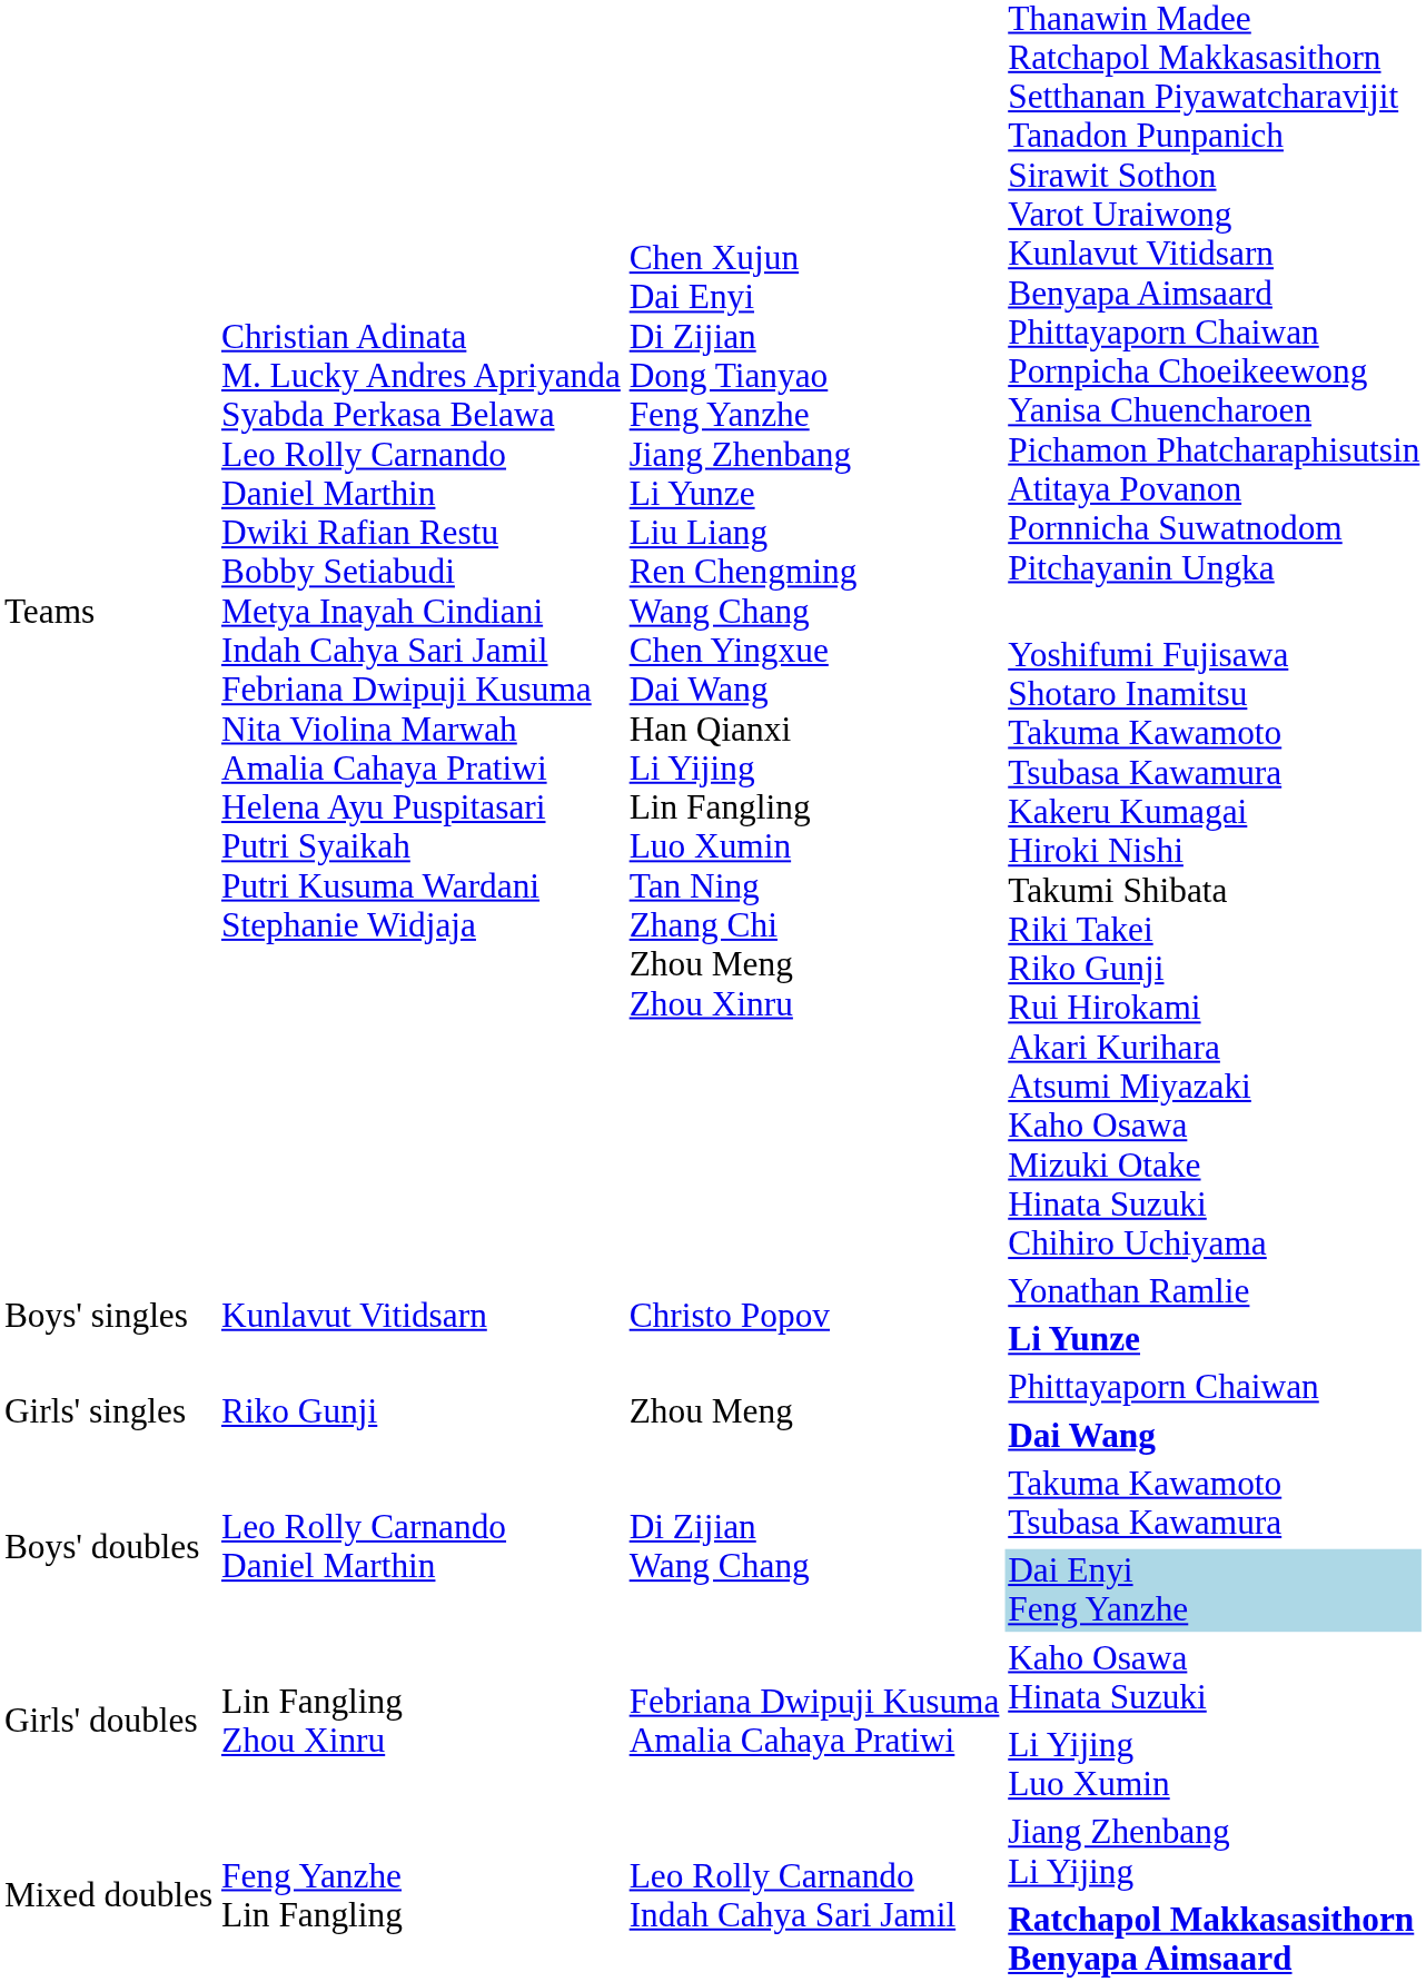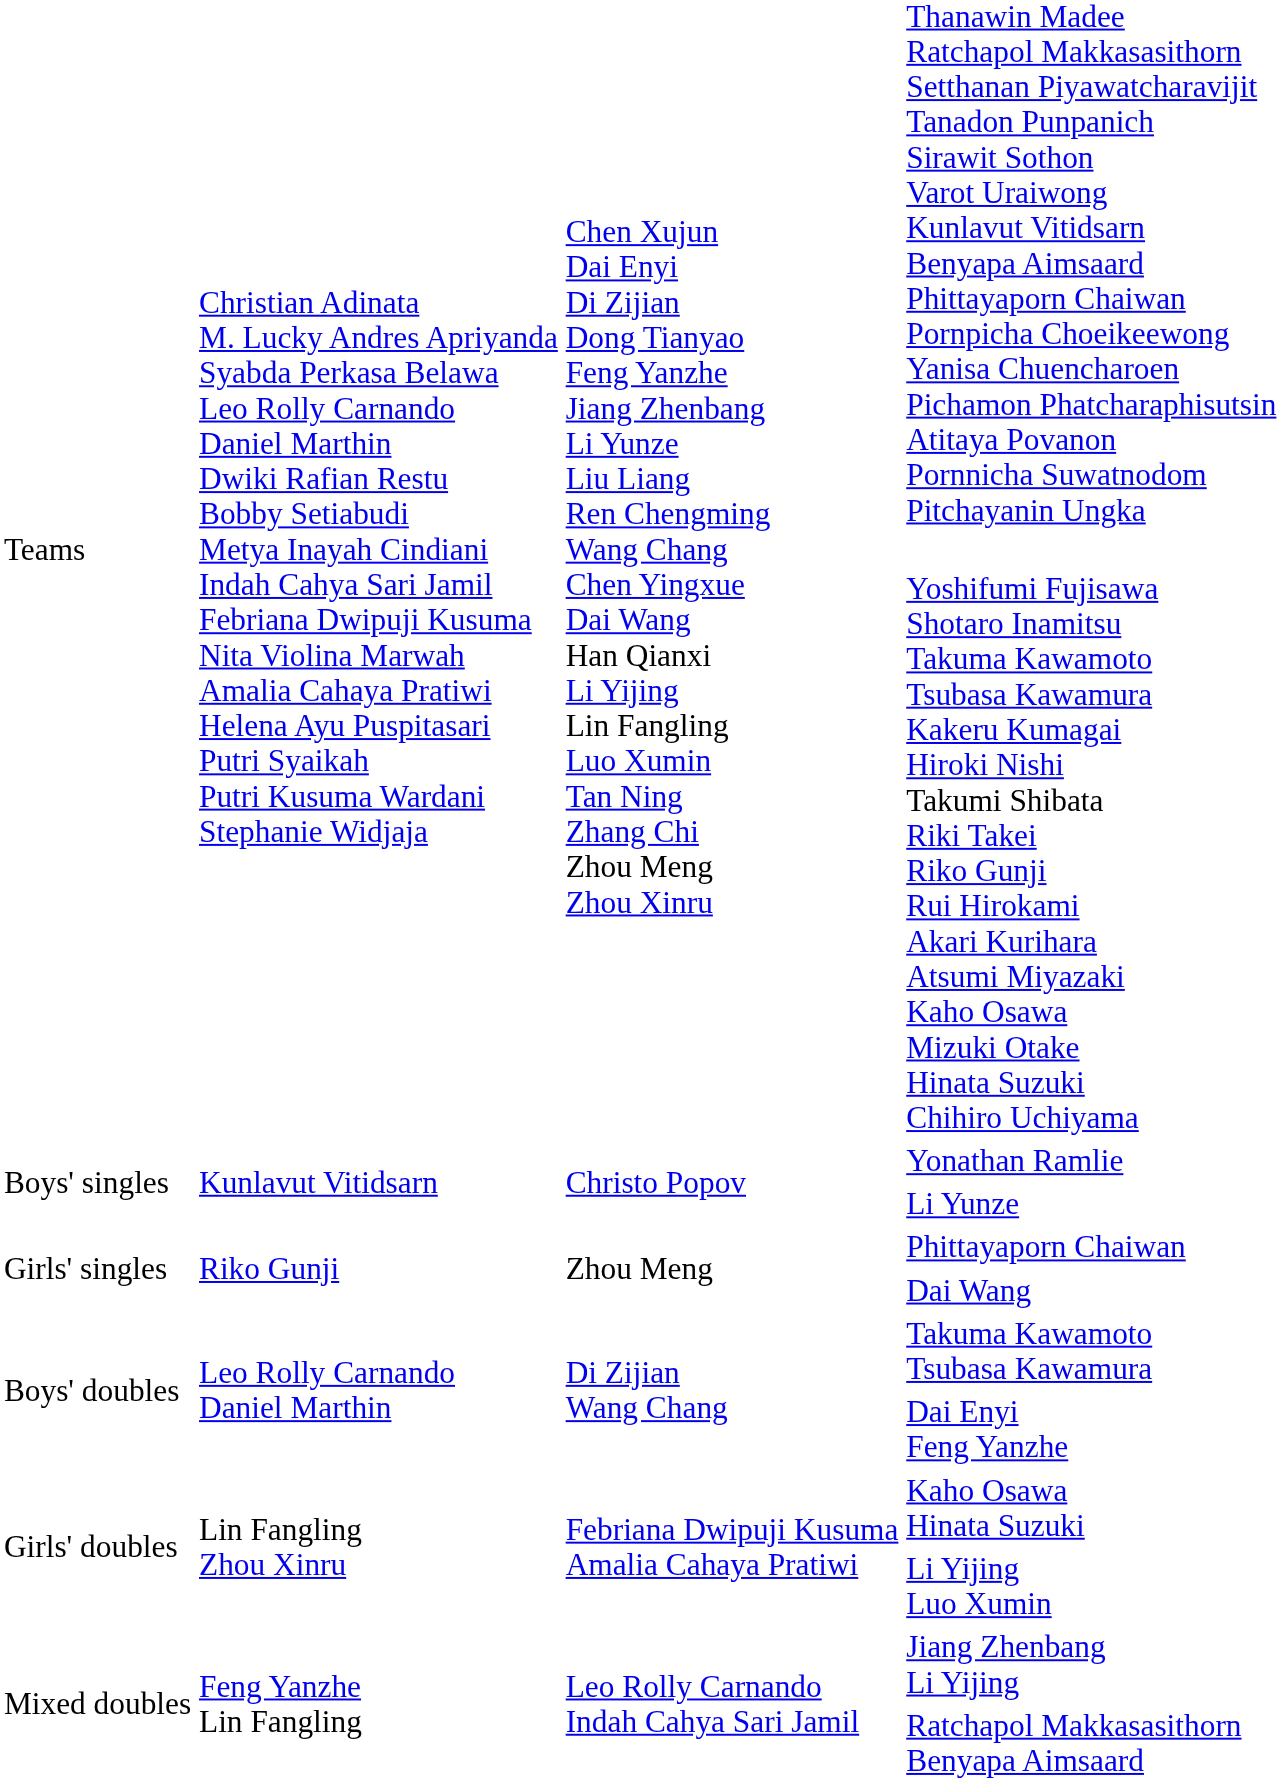 <table>
 <tr>
 <td rowspan=2>Teams<br></td>
 <td rowspan=2> <br><a href='#'>Christian Adinata</a><br><a href='#'>M. Lucky Andres Apriyanda</a><br><a href='#'>Syabda Perkasa Belawa</a><br><a href='#'>Leo Rolly Carnando</a><br><a href='#'>Daniel Marthin</a><br><a href='#'>Dwiki Rafian Restu</a><br><a href='#'>Bobby Setiabudi</a><br><a href='#'>Metya Inayah Cindiani</a><br><a href='#'>Indah Cahya Sari Jamil</a><br><a href='#'>Febriana Dwipuji Kusuma</a><br><a href='#'>Nita Violina Marwah</a><br><a href='#'>Amalia Cahaya Pratiwi</a><br><a href='#'>Helena Ayu Puspitasari</a><br><a href='#'>Putri Syaikah</a><br><a href='#'>Putri Kusuma Wardani</a><br><a href='#'>Stephanie Widjaja</a></td>
 <td rowspan=2> <br><a href='#'>Chen Xujun</a><br><a href='#'>Dai Enyi</a><br><a href='#'>Di Zijian</a><br><a href='#'>Dong Tianyao</a><br><a href='#'>Feng Yanzhe</a><br><a href='#'>Jiang Zhenbang</a><br><a href='#'>Li Yunze</a><br><a href='#'>Liu Liang</a><br><a href='#'>Ren Chengming</a><br><a href='#'>Wang Chang</a><br><a href='#'>Chen Yingxue</a><br><a href='#'>Dai Wang</a><br>Han Qianxi<br><a href='#'>Li Yijing</a><br>Lin Fangling<br><a href='#'>Luo Xumin</a><br><a href='#'>Tan Ning</a><br><a href='#'>Zhang Chi</a><br>Zhou Meng<br><a href='#'>Zhou Xinru</a></td>
 <td> <br><a href='#'>Thanawin Madee</a><br><a href='#'>Ratchapol Makkasasithorn</a><br><a href='#'>Setthanan Piyawatcharavijit</a><br><a href='#'>Tanadon Punpanich</a><br><a href='#'>Sirawit Sothon</a><br><a href='#'>Varot Uraiwong</a><br><a href='#'>Kunlavut Vitidsarn</a><br><a href='#'>Benyapa Aimsaard</a><br><a href='#'>Phittayaporn Chaiwan</a><br><a href='#'>Pornpicha Choeikeewong</a><br><a href='#'>Yanisa Chuencharoen</a><br><a href='#'>Pichamon Phatcharaphisutsin</a><br><a href='#'>Atitaya Povanon</a><br><a href='#'>Pornnicha Suwatnodom</a><br><a href='#'>Pitchayanin Ungka</a></td>
 </tr>
 <tr>
 <td> <br><a href='#'>Yoshifumi Fujisawa</a><br><a href='#'>Shotaro Inamitsu</a><br><a href='#'>Takuma Kawamoto</a><br><a href='#'>Tsubasa Kawamura</a><br><a href='#'>Kakeru Kumagai</a><br><a href='#'>Hiroki Nishi</a><br>Takumi Shibata<br><a href='#'>Riki Takei</a><br><a href='#'>Riko Gunji</a><br><a href='#'>Rui Hirokami</a><br><a href='#'>Akari Kurihara</a><br><a href='#'>Atsumi Miyazaki</a><br><a href='#'>Kaho Osawa</a><br><a href='#'>Mizuki Otake</a><br><a href='#'>Hinata Suzuki</a><br><a href='#'>Chihiro Uchiyama</a></td>
 </tr>
 <tr>
 <td rowspan=2>Boys' singles<br></td>
 <td rowspan=2> <a href='#'>Kunlavut Vitidsarn</a></td>
 <td rowspan=2> <a href='#'>Christo Popov</a></td>
 <td> <a href='#'>Yonathan Ramlie</a></td>
 </tr>
 <tr>
-<td><strong> <a href='#'>Li Yunze</a></strong></td>
+<td> <a href='#'>Li Yunze</a></td>
 </tr>
 <tr>
 <td rowspan=2>Girls' singles<br></td>
 <td rowspan=2> <a href='#'>Riko Gunji</a></td>
 <td rowspan=2> Zhou Meng</td>
 <td> <a href='#'>Phittayaporn Chaiwan</a></td>
 </tr>
 <tr>
-<td><strong> <a href='#'>Dai Wang</a></strong></td>
+<td> <a href='#'>Dai Wang</a></td>
 </tr>
 <tr>
 <td rowspan=2>Boys' doubles<br></td>
 <td rowspan=2> <a href='#'>Leo Rolly Carnando</a><br> <a href='#'>Daniel Marthin</a></td>
 <td rowspan=2> <a href='#'>Di Zijian</a><br> <a href='#'>Wang Chang</a></td>
 <td> <a href='#'>Takuma Kawamoto</a><br> <a href='#'>Tsubasa Kawamura</a></td>
 </tr>
 <tr>
-<td style="background: lightblue;"> <a href='#'>Dai Enyi</a><br> <a href='#'>Feng Yanzhe</a></td>
+<td> <a href='#'>Dai Enyi</a><br> <a href='#'>Feng Yanzhe</a></td>
 </tr>
 <tr>
 <td rowspan=2>Girls' doubles<br></td>
 <td rowspan=2> Lin Fangling<br> <a href='#'>Zhou Xinru</a></td>
 <td rowspan=2> <a href='#'>Febriana Dwipuji Kusuma</a><br> <a href='#'>Amalia Cahaya Pratiwi</a></td>
 <td> <a href='#'>Kaho Osawa</a><br> <a href='#'>Hinata Suzuki</a></td>
 </tr>
 <tr>
 <td> <a href='#'>Li Yijing</a><br> <a href='#'>Luo Xumin</a></td>
 </tr>
 <tr>
 <td rowspan=2>Mixed doubles<br></td>
 <td rowspan=2> <a href='#'>Feng Yanzhe</a><br> Lin Fangling</td>
 <td rowspan=2> <a href='#'>Leo Rolly Carnando</a><br> <a href='#'>Indah Cahya Sari Jamil</a></td>
 <td> <a href='#'>Jiang Zhenbang</a><br> <a href='#'>Li Yijing</a></td>
 </tr>
 <tr>
-<td><strong> <a href='#'>Ratchapol Makkasasithorn</a><br> <a href='#'>Benyapa Aimsaard</a></strong></td>
+<td> <a href='#'>Ratchapol Makkasasithorn</a><br> <a href='#'>Benyapa Aimsaard</a></td>
 </tr>
 </table>
